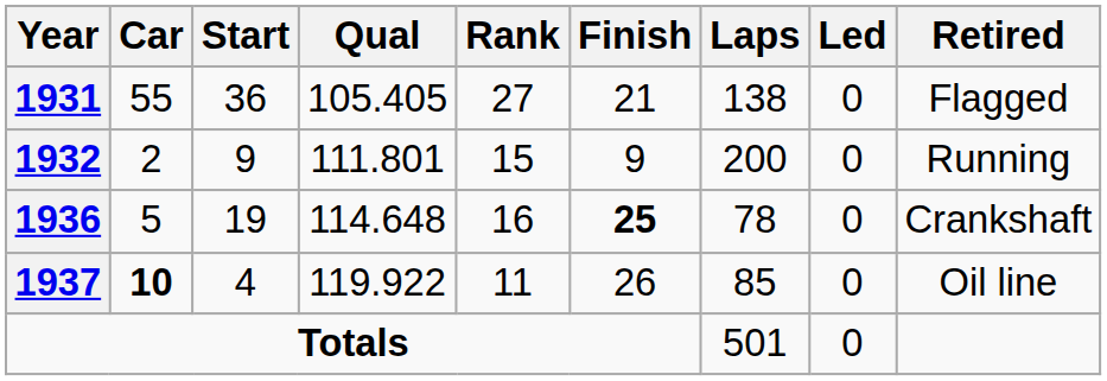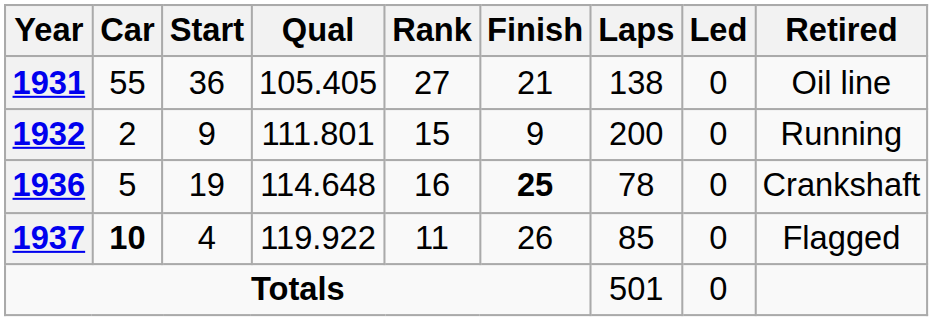 <table class="wikitable" style="text-align:center">
 <tr>
 <th>Year</th>
 <th>Car</th>
 <th>Start</th>
 <th>Qual</th>
 <th>Rank</th>
 <th>Finish</th>
 <th>Laps</th>
 <th>Led</th>
 <th>Retired</th>
 </tr>
 <tr>
 <th><a href='#'>1931</a></th>
 <td>55</td>
 <td>36</td>
 <td>105.405</td>
 <td>27</td>
 <td>21</td>
 <td>138</td>
 <td>0</td>
-<td>Flagged</td>
+<td>Oil line</td>
 </tr>
 <tr>
 <th><a href='#'>1932</a></th>
 <td>2</td>
 <td>9</td>
 <td>111.801</td>
 <td>15</td>
 <td>9</td>
 <td>200</td>
 <td>0</td>
 <td>Running</td>
 </tr>
 <tr>
 <th><a href='#'>1936</a></th>
 <td>5</td>
 <td>19</td>
 <td>114.648</td>
 <td>16</td>
 <td><strong>25</strong></td>
 <td>78</td>
 <td>0</td>
 <td>Crankshaft</td>
 </tr>
 <tr>
 <th><a href='#'>1937</a></th>
 <td><strong>10</strong></td>
 <td>4</td>
 <td>119.922</td>
 <td>11</td>
 <td>26</td>
 <td>85</td>
 <td>0</td>
-<td>Oil line</td>
+<td>Flagged</td>
 </tr>
 <tr>
 <td colspan=6><strong>Totals</strong></td>
 <td>501</td>
 <td>0</td>
 <td></td>
 </tr>
 </table>
